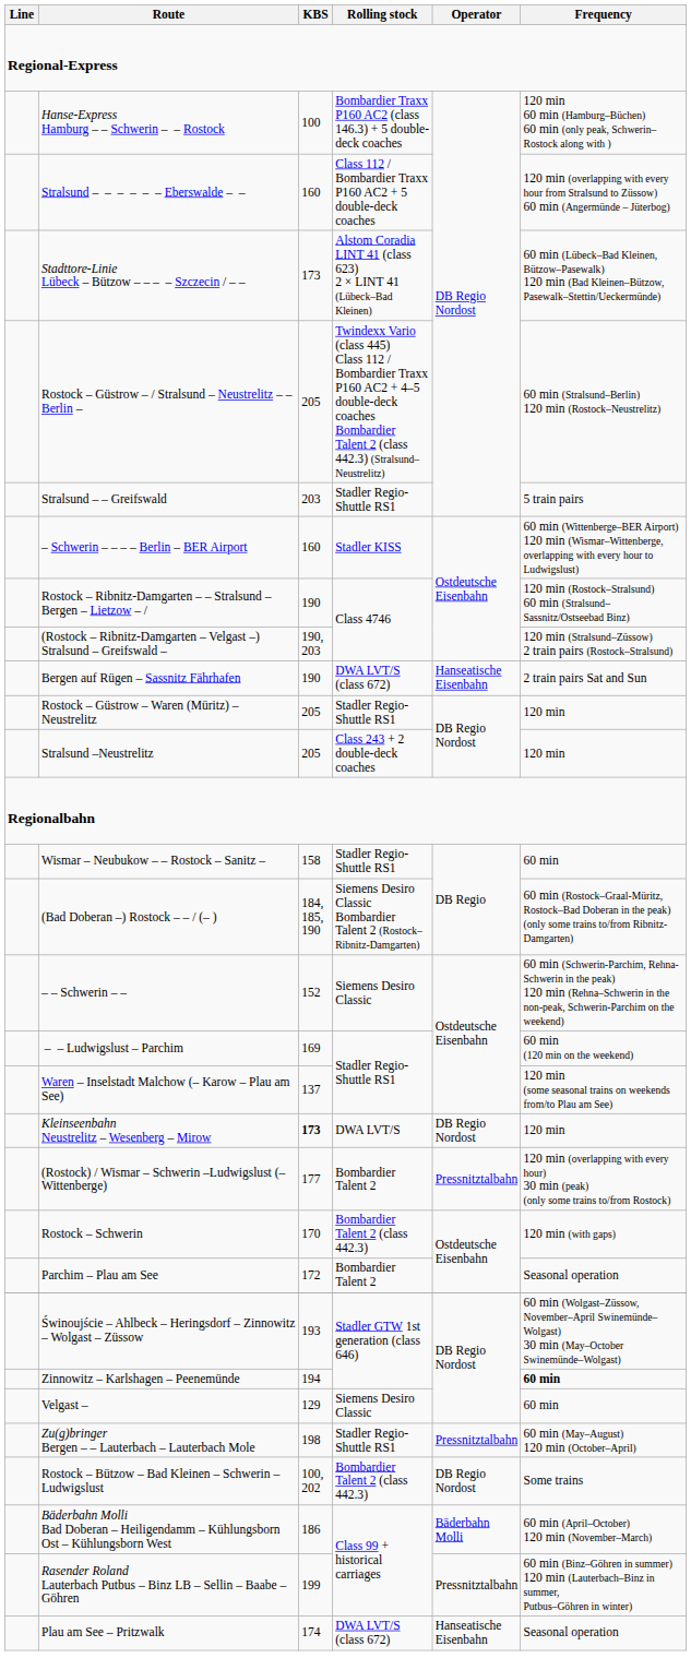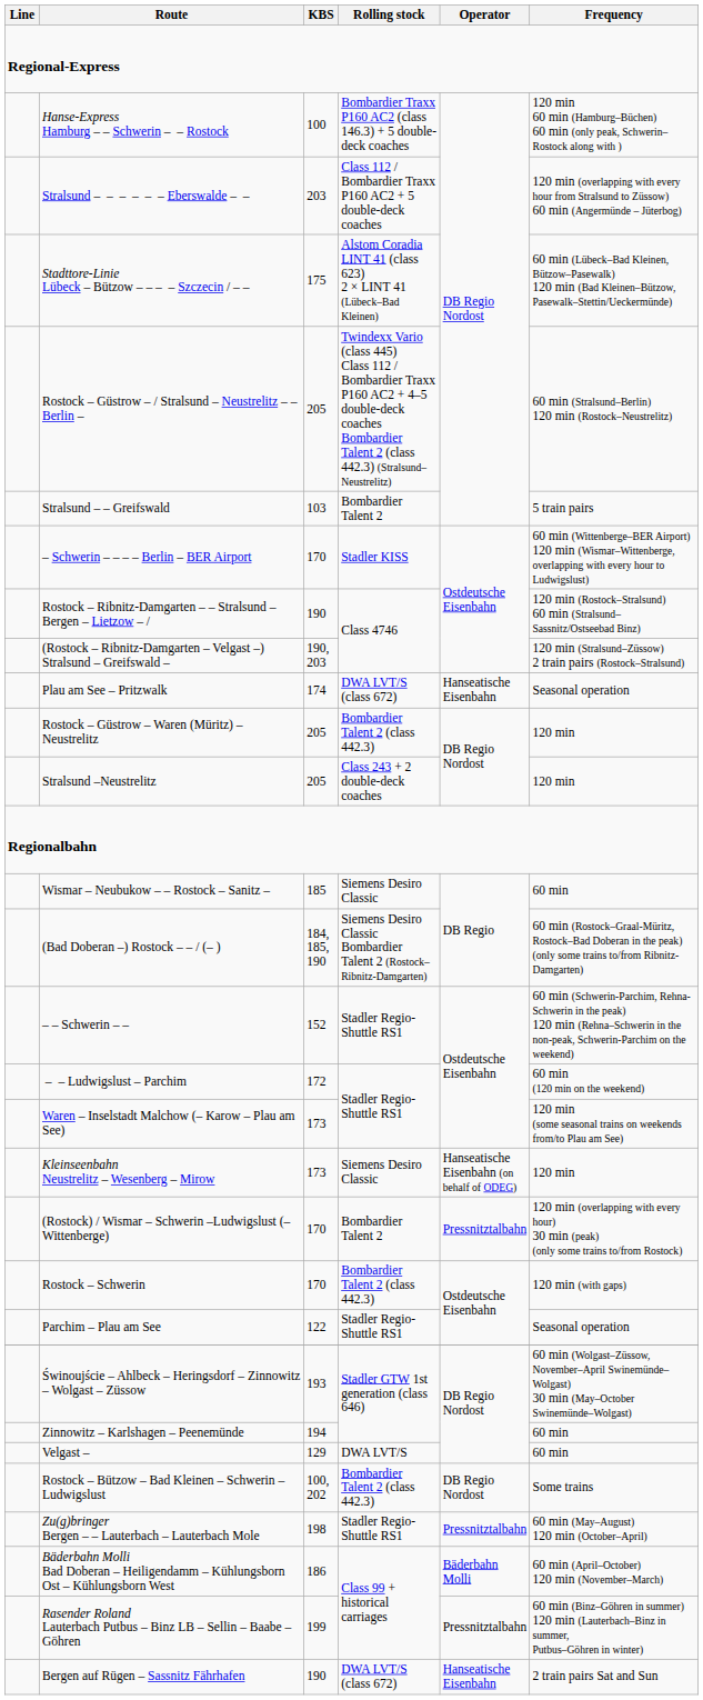 <table class="wikitable">
 <tr class="hintergrundfarbe6">
 <th style="width:5%">Line</th>
 <th style="width:40%">Route</th>
 <th style="width:5%">KBS</th>
 <th style="width:15%">Rolling stock</th>
 <th style="width:10%">Operator</th>
 <th style="width:25%">Frequency</th>
 </tr>
 <tr>
 <td colspan="6"><br><h3>Regional-Express</h3></td>
 </tr>
 <tr class="hintergrundfarbe6">
 <td></td>
 <td><em>Hanse-Express</em><br><a href='#'>Hamburg</a> –  – <a href='#'>Schwerin</a> –   – <a href='#'>Rostock</a></td>
 <td>100</td>
 <td><a href='#'>Bombardier Traxx P160 AC2</a> (class 146.3) + 5 double-deck coaches</td>
 <td rowspan="5"><a href='#'>DB Regio Nordost</a></td>
 <td>120 min<br>60 min <small>(Hamburg–Büchen)</small><br>60 min <small>(only peak, Schwerin–Rostock along with ) </small></td>
 </tr>
 <tr>
 <td></td>
 <td><a href='#'>Stralsund</a> –  –  –  –  –  – <a href='#'>Eberswalde</a> –   – </td>
-<td>160</td>
+<td>203</td>
 <td><a href='#'>Class 112</a> / Bombardier Traxx P160 AC2 + 5 double-deck coaches</td>
 <td>120 min <small>(overlapping with  every hour from Stralsund to Züssow)</small><br>60 min <small>(Angermünde – Jüterbog)</small></td>
 </tr>
 <tr>
 <td></td>
 <td><em>Stadttore-Linie</em><br><a href='#'>Lübeck</a> –  Bützow –  –  –  – <a href='#'>Szczecin</a> / –  – </td>
-<td>173</td>
+<td>175</td>
 <td><a href='#'>Alstom Coradia LINT 41</a> (class 623)<br>2 × LINT 41 <small>(Lübeck–Bad Kleinen)</small></td>
 <td>60 min <small>(Lübeck–Bad Kleinen, Bützow–Pasewalk)</small><br>120 min <small>(Bad Kleinen–Bützow, Pasewalk–Stettin/Ueckermünde)</small></td>
 </tr>
 <tr>
 <td align="left"></td>
 <td>Rostock – Güstrow – / Stralsund – <a href='#'>Neustrelitz</a> –  – <a href='#'>Berlin</a> – </td>
 <td>205</td>
 <td><a href='#'>Twindexx Vario</a> (class 445)<br>Class 112 / Bombardier Traxx P160 AC2 + 4–5 double-deck coaches <br><a href='#'>Bombardier Talent 2</a> (class 442.3) <small>(Stralsund–Neustrelitz)</small></td>
 <td>60 min <small>(Stralsund–Berlin)</small> <br>120 min <small>(Rostock–Neustrelitz</small><small>)</small></td>
 </tr>
 <tr>
 <td></td>
 <td>Stralsund –  – Greifswald</td>
-<td>203</td>
-<td>Stadler Regio-Shuttle RS1</td>
+<td>103</td>
+<td>Bombardier Talent 2</td>
 <td>5 train pairs</td>
 </tr>
 <tr>
 <td></td>
 <td> – <a href='#'>Schwerin</a> –  –  –  – <a href='#'>Berlin</a> – <a href='#'>BER Airport</a></td>
-<td>160</td>
+<td>170</td>
 <td><a href='#'>Stadler KISS</a></td>
 <td rowspan="3"><a href='#'>Ostdeutsche Eisenbahn</a></td>
 <td>60 min <small>(Wittenberge–BER Airport)</small><br>120 min <small>(Wismar–Wittenberge, overlapping with  every hour to Ludwigslust)</small></td>
 </tr>
 <tr>
 <td></td>
 <td>Rostock – Ribnitz-Damgarten –  – Stralsund – Bergen – <a href='#'>Lietzow</a> –  / </td>
 <td>190</td>
 <td rowspan="2">Class 4746</td>
 <td>120 min <small>(Rostock–Stralsund)</small><br>60 min <small>(Stralsund–Sassnitz/Ostseebad Binz)</small></td>
 </tr>
 <tr>
 <td></td>
 <td>(Rostock – Ribnitz-Damgarten – Velgast –) Stralsund –  Greifswald – </td>
 <td>190, 203</td>
 <td>120 min <small>(Stralsund–Züssow)</small><br>2 train pairs <small>(Rostock–Stralsund)</small></td>
 </tr>
 <tr>
 <td></td>
-<td>Bergen auf Rügen – <a href='#'>Sassnitz Fährhafen</a></td>
-<td>190</td>
+<td>Plau am See – Pritzwalk</td>
+<td>174</td>
 <td><a href='#'>DWA LVT/S</a> (class 672)</td>
-<td><a href='#'>Hanseatische Eisenbahn</a></td>
-<td>2 train pairs Sat and Sun</td>
+<td>Hanseatische Eisenbahn</td>
+<td>Seasonal operation</td>
 </tr>
 <tr>
 <td></td>
 <td>Rostock – Güstrow – Waren (Müritz) – Neustrelitz</td>
 <td>205</td>
-<td>Stadler Regio-Shuttle RS1</td>
+<td><a href='#'>Bombardier Talent 2</a> (class 442.3)</td>
 <td rowspan="2">DB Regio Nordost</td>
 <td>120 min</td>
 </tr>
 <tr>
 <td></td>
 <td>Stralsund –Neustrelitz</td>
 <td>205</td>
 <td><a href='#'>Class 243</a> + 2 double-deck coaches</td>
 <td>120 min</td>
 </tr>
 <tr class="hintergrundfarbe5">
 <td colspan="6"><br><h3>Regionalbahn</h3></td>
 </tr>
 <tr>
 <td></td>
 <td>Wismar – Neubukow –  – Rostock – Sanitz – </td>
-<td>158</td>
-<td>Stadler Regio-Shuttle RS1</td>
+<td>185</td>
+<td>Siemens Desiro Classic</td>
 <td rowspan="2">DB Regio</td>
 <td>60 min</td>
 </tr>
 <tr>
 <td></td>
 <td>(Bad Doberan –) Rostock –  –  / (– )</td>
 <td>184, 185, 190</td>
 <td>Siemens Desiro Classic<br>Bombardier Talent 2 <small>(Rostock–Ribnitz-Damgarten)</small></td>
 <td>60 min <small>(Rostock–Graal-Müritz, Rostock–Bad Doberan in the peak)</small><br><small>(only some trains to/from Ribnitz-Damgarten)</small></td>
 </tr>
 <tr>
 <td></td>
 <td> –  – Schwerin –  – </td>
 <td>152</td>
-<td>Siemens Desiro Classic</td>
+<td>Stadler Regio-Shuttle RS1</td>
 <td rowspan="3">Ostdeutsche Eisenbahn</td>
 <td>60 min <small>(Schwerin-Parchim, Rehna-Schwerin in the peak)</small><br>120 min <small>(Rehna–Schwerin in the non-peak, Schwerin-Parchim on the weekend)</small></td>
 </tr>
 <tr>
 <td></td>
 <td> –  – Ludwigslust – Parchim</td>
-<td>169</td>
+<td>172</td>
 <td rowspan="2">Stadler Regio-Shuttle RS1</td>
 <td>60 min<br><small>(120 min on the weekend)</small></td>
 </tr>
 <tr>
 <td></td>
 <td><a href='#'>Waren</a> – Inselstadt Malchow (– Karow – Plau am See)</td>
-<td>137</td>
+<td>173</td>
 <td>120 min<br><small>(some seasonal trains on weekends from/to Plau am See)</small></td>
 </tr>
 <tr>
 <td></td>
 <td><em>Kleinseenbahn</em><br><a href='#'>Neustrelitz</a> – <a href='#'>Wesenberg</a> – <a href='#'>Mirow</a></td>
-<td><strong>173</strong></td>
-<td>DWA LVT/S</td>
-<td>DB Regio Nordost</td>
+<td>173</td>
+<td>Siemens Desiro Classic</td>
+<td>Hanseatische Eisenbahn <small>(on behalf of <a href='#'>ODEG</a>)</small></td>
 <td>120 min</td>
 </tr>
 <tr>
 <td></td>
 <td>(Rostock) / Wismar –  Schwerin –Ludwigslust (– Wittenberge)</td>
-<td>177</td>
+<td>170</td>
 <td>Bombardier Talent 2</td>
 <td><a href='#'>Pressnitztalbahn</a></td>
 <td>120 min <small>(overlapping with  every hour)</small><br>30 min <small>(peak)</small><br><small>(only some trains to/from Rostock)</small></td>
 </tr>
 <tr>
 <td></td>
 <td>Rostock –  Schwerin</td>
 <td>170</td>
 <td><a href='#'>Bombardier Talent 2</a> (class 442.3)</td>
 <td rowspan="2">Ostdeutsche Eisenbahn</td>
 <td>120 min <small>(with gaps)</small></td>
 </tr>
 <tr>
 <td></td>
 <td>Parchim – Plau am See</td>
-<td>172</td>
-<td>Bombardier Talent 2</td>
+<td>122</td>
+<td>Stadler Regio-Shuttle RS1</td>
 <td>Seasonal operation</td>
 </tr>
 <tr Plau am See || 172, 174 || Stadler Regio-Shuttle RS1 || Ostdeutsche Eisenbahn || 6 train pairs >
 </tr>
 <tr>
 <td></td>
 <td>Świnoujście – Ahlbeck – Heringsdorf – Zinnowitz – Wolgast – Züssow</td>
 <td>193</td>
 <td rowspan="2"><a href='#'>Stadler GTW</a> 1st generation (class 646)</td>
 <td rowspan="3">DB Regio Nordost</td>
 <td>60 min <small>(Wolgast–Züssow, November–April Swinemünde–Wolgast)</small><br>30 min <small>(May–October Swinemünde–Wolgast)</small></td>
 </tr>
 <tr>
 <td></td>
 <td>Zinnowitz – Karlshagen – Peenemünde</td>
 <td>194</td>
-<td><strong>60 min</strong></td>
+<td>60 min</td>
 </tr>
 <tr>
 <td></td>
 <td>Velgast – </td>
 <td>129</td>
-<td>Siemens Desiro Classic</td>
+<td>DWA LVT/S</td>
 <td>60 min</td>
+</tr>
+<tr>
+<td></td>
+<td>Rostock – Bützow – Bad Kleinen – Schwerin – Ludwigslust</td>
+<td>100, 202</td>
+<td><a href='#'>Bombardier Talent 2</a> (class 442.3)</td>
+<td>DB Regio Nordost</td>
+<td>Some trains</td>
 </tr>
 <tr>
 <td></td>
 <td><em>Zu(g)bringer</em><br> Bergen –  – Lauterbach – Lauterbach Mole</td>
 <td>198</td>
 <td>Stadler Regio-Shuttle RS1</td>
 <td><a href='#'>Pressnitztalbahn</a></td>
 <td>60 min <small>(May–August)</small><br>120 min <small>(October–April)</small></td>
-</tr>
-<tr>
-<td></td>
-<td>Rostock – Bützow – Bad Kleinen – Schwerin – Ludwigslust</td>
-<td>100, 202</td>
-<td><a href='#'>Bombardier Talent 2</a> (class 442.3)</td>
-<td>DB Regio Nordost</td>
-<td>Some trains</td>
 </tr>
 <tr>
 <td></td>
 <td><em>Bäderbahn Molli</em><br> Bad Doberan – Heiligendamm – Kühlungsborn Ost – Kühlungsborn West</td>
 <td>186</td>
 <td rowspan="2"><a href='#'>Class 99</a> + historical carriages</td>
 <td><a href='#'>Bäderbahn Molli</a></td>
 <td>60 min <small>(April–October)</small><br>120 min <small>(November–March)</small></td>
 </tr>
 <tr>
 <td></td>
 <td><em>Rasender Roland</em><br> Lauterbach Putbus – Binz LB – Sellin – Baabe – Göhren</td>
 <td>199</td>
 <td>Pressnitztalbahn</td>
 <td>60 min <small>(Binz–Göhren in summer)</small><br>120 min <small>(Lauterbach–Binz in summer,<br>Putbus–Göhren in winter)</small></td>
 </tr>
 <tr>
 <td></td>
-<td>Plau am See – Pritzwalk</td>
-<td>174</td>
+<td>Bergen auf Rügen – <a href='#'>Sassnitz Fährhafen</a></td>
+<td>190</td>
 <td><a href='#'>DWA LVT/S</a> (class 672)</td>
-<td>Hanseatische Eisenbahn</td>
-<td>Seasonal operation</td>
+<td><a href='#'>Hanseatische Eisenbahn</a></td>
+<td>2 train pairs Sat and Sun</td>
 </tr>
 </table>
